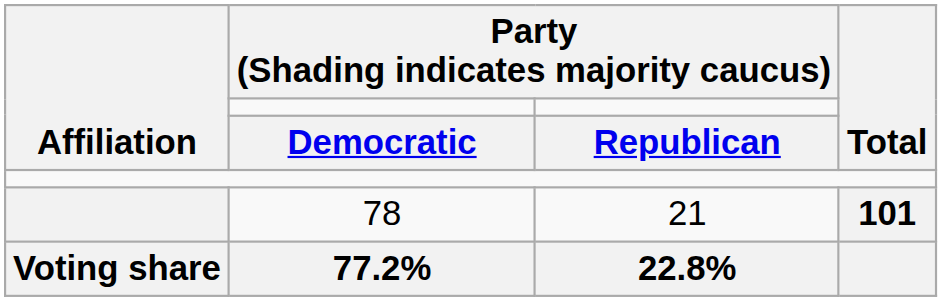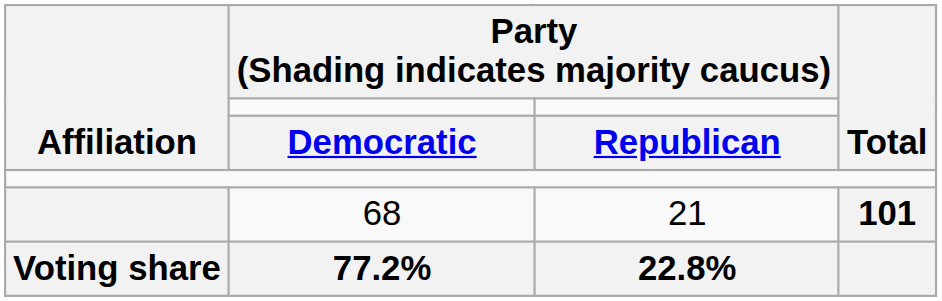 <table class=wikitable style="text-align:center">
 <tr style="vertical-align:bottom;">
 <th rowspan=3>Affiliation</th>
 <th colspan=2>Party <div>(Shading indicates majority caucus)</div></th>
 <th rowspan=3>Total</th>
 </tr>
 <tr style="height:5px">
 <td style="background-color:"></td>
 <td style="background-color:"></td>
 </tr>
 <tr>
 <th><a href='#'>Democratic</a></th>
 <th><a href='#'>Republican</a></th>
 </tr>
 <tr>
 <td colspan=5></td>
 </tr>
 <tr>
 <th nowrap style="font-size:80%"></th>
-<td>78</td>
+<td>68</td>
 <td>21</td>
 <th>101</th>
 </tr>
 <tr>
 <th>Voting share</th>
 <th>77.2%</th>
 <th>22.8%</th>
 <th colspan=2></th>
 </tr>
 </table>
